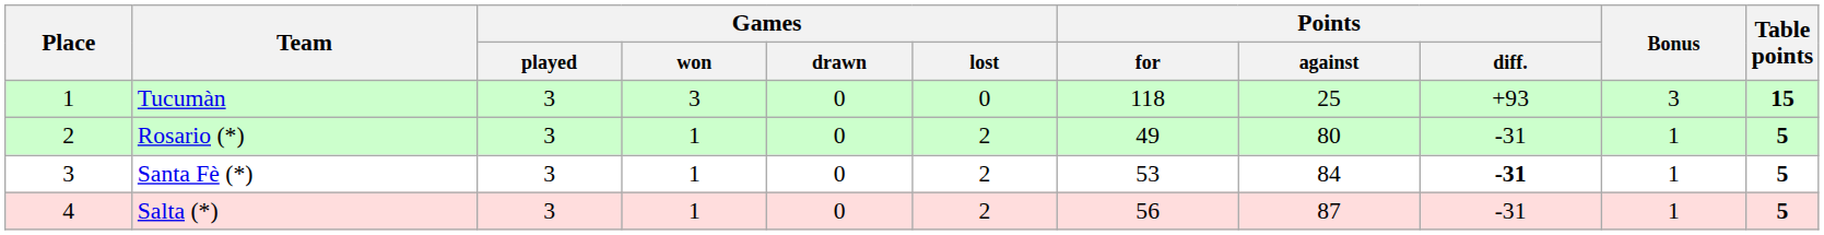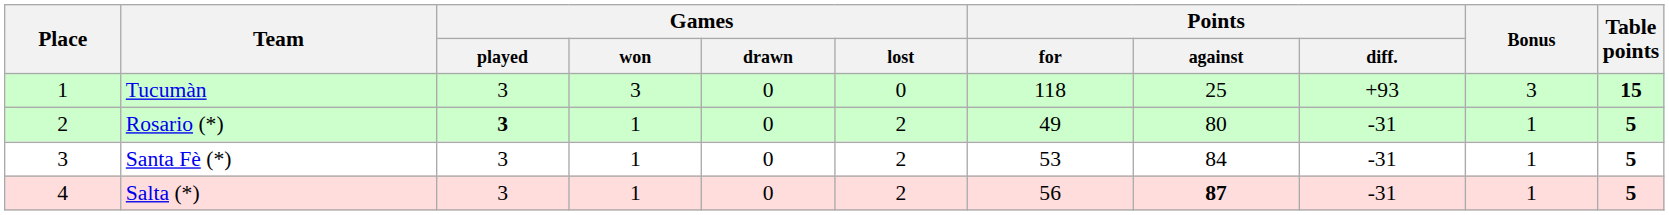 <table class="wikitable">
 <tr>
 <th rowspan=2 width="7%">Place</th>
 <th rowspan=2 width="19%">Team</th>
 <th colspan=4 width="30%">Games</th>
 <th colspan=3 width="26%">Points</th>
 <th rowspan=2 width="8%"><small> Bonus </small></th>
 <th rowspan=2 width="10%">Table<br>points</th>
 </tr>
 <tr>
 <th width="8%"><small>played </small></th>
 <th width="8%"><small>won </small></th>
 <th width="8%"><small>drawn </small></th>
 <th width="8%"><small>lost </small></th>
 <th width="10%"><small>for </small></th>
 <th width="10%"><small>against </small></th>
 <th width="10%"><small>diff.</small></th>
 </tr>
 <tr align=center style="background: #ccffcc;">
 <td>1</td>
 <td align=left><a href='#'>Tucumàn</a></td>
 <td>3</td>
 <td>3</td>
 <td>0</td>
 <td>0</td>
 <td>118</td>
 <td>25</td>
 <td>+93</td>
 <td>3</td>
 <td><strong>15</strong></td>
 </tr>
 <tr align=center style="background: #ccffcc;">
 <td>2</td>
 <td align=left><a href='#'>Rosario</a> (*)</td>
-<td>3</td>
+<td><strong>3</strong></td>
 <td>1</td>
 <td>0</td>
 <td>2</td>
 <td>49</td>
 <td>80</td>
 <td>-31</td>
 <td>1</td>
 <td><strong>5</strong></td>
 </tr>
 <tr align=center style="background: #ffffff;">
 <td>3</td>
 <td align=left><a href='#'>Santa Fè</a> (*)</td>
 <td>3</td>
 <td>1</td>
 <td>0</td>
 <td>2</td>
 <td>53</td>
 <td>84</td>
-<td><strong>-31</strong></td>
+<td>-31</td>
 <td>1</td>
 <td><strong>5</strong></td>
 </tr>
 <tr align=center style="background: #ffdddd;">
 <td>4</td>
 <td align=left><a href='#'>Salta</a> (*)</td>
 <td>3</td>
 <td>1</td>
 <td>0</td>
 <td>2</td>
 <td>56</td>
-<td>87</td>
+<td><strong>87</strong></td>
 <td>-31</td>
 <td>1</td>
 <td><strong>5</strong></td>
 </tr>
 </table>
